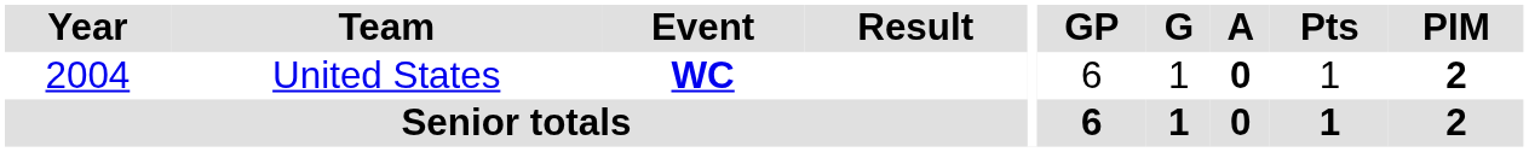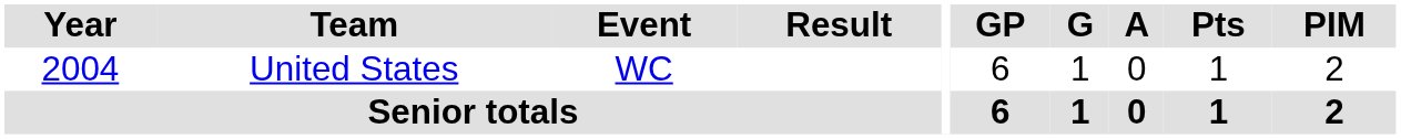 <table border="0" cellpadding="1" cellspacing="0" ID="Table3" style="text-align:center; width:40em">
 <tr ALIGN="center" bgcolor="#e0e0e0">
 <th>Year</th>
 <th>Team</th>
 <th>Event</th>
 <th>Result</th>
 <th rowspan="99" bgcolor="#ffffff"></th>
 <th>GP</th>
 <th>G</th>
 <th>A</th>
 <th>Pts</th>
 <th>PIM</th>
 </tr>
 <tr>
 <td><a href='#'>2004</a></td>
 <td><a href='#'>United States</a></td>
-<td><strong><a href='#'>WC</a></strong></td>
+<td><a href='#'>WC</a></td>
 <td></td>
 <td>6</td>
 <td>1</td>
-<td><strong>0</strong></td>
+<td>0</td>
 <td>1</td>
-<td><strong>2</strong></td>
+<td>2</td>
 </tr>
 <tr bgcolor="#e0e0e0">
 <th colspan="4">Senior totals</th>
 <th>6</th>
 <th>1</th>
 <th>0</th>
 <th>1</th>
 <th>2</th>
 </tr>
 </table>
